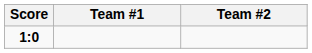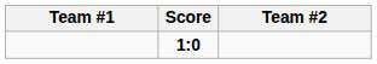 <table class="wikitable" style="text-align:center;">
 <tr>
+<th width=140>Team #1</th>
 <th width=50>Score</th>
-<th width=140>Team #1</th>
 <th width=140>Team #2</th>
 </tr>
 <tr>
+<td style="text-align:right;"></td>
 <td><strong>1:0</strong></td>
-<td style="text-align:right;"></td>
 <td style="text-align:left;"></td>
 </tr>
 </table>
